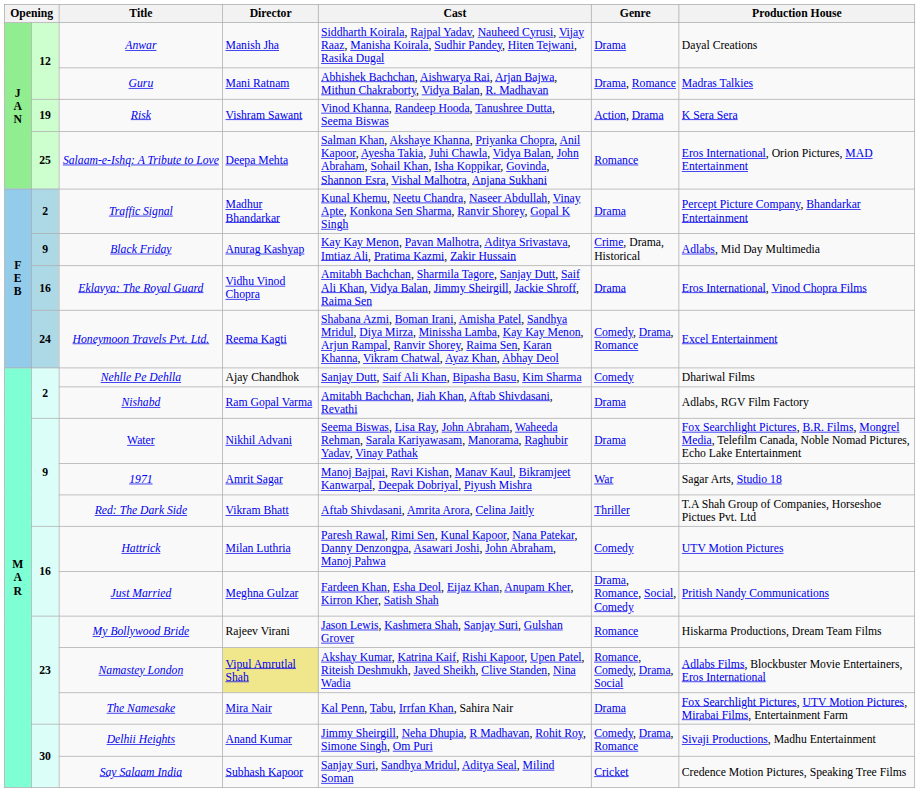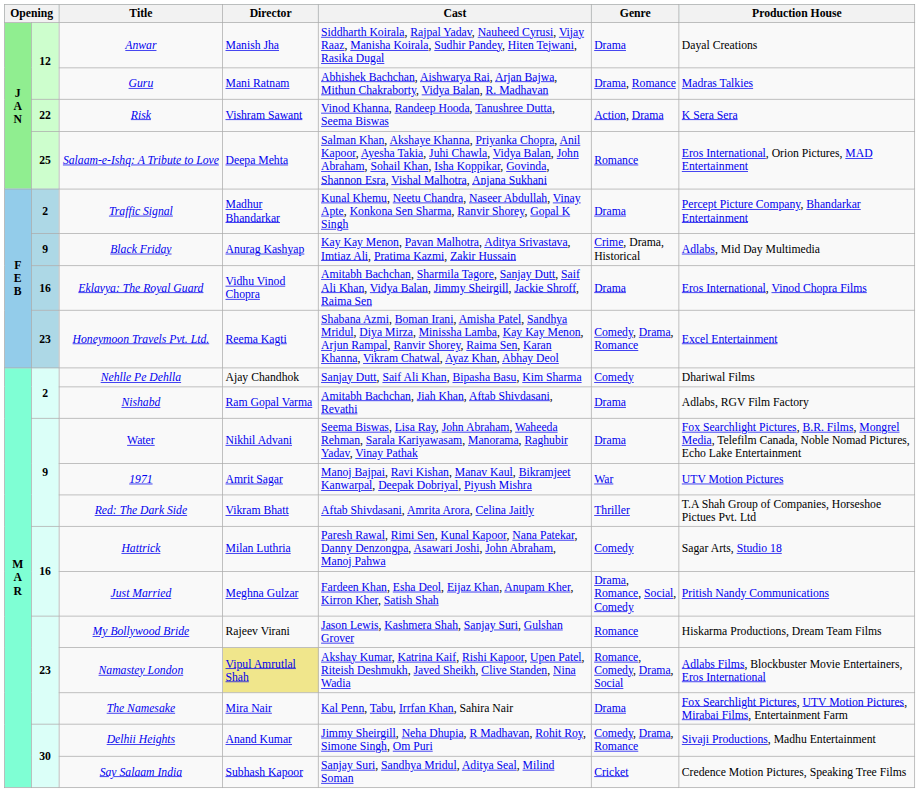 <table class="wikitable">
 <tr style="background:#b0e0e6;text-align:center;">
 <th colspan="2" style="width:6%;"><strong>Opening</strong></th>
 <th style="width:18%;"><strong>Title</strong></th>
 <th style="width:10.5%;"><strong>Director</strong></th>
 <th style="width:30%;"><strong>Cast</strong></th>
 <th>Genre</th>
 <th>Production House</th>
 </tr>
 <tr>
 <td rowspan="4" style="text-align:center; background:lightGreen; textcolor:#000;"><strong>J<br>A<br>N</strong></td>
 <td rowspan="2" style="text-align:center;background:#cdfecd;"><strong>12</strong></td>
 <td style="text-align:center;"><em><a href='#'>Anwar</a></em></td>
 <td><a href='#'>Manish Jha</a></td>
 <td><a href='#'>Siddharth Koirala</a>, <a href='#'>Rajpal Yadav</a>, <a href='#'>Nauheed Cyrusi</a>, <a href='#'>Vijay Raaz</a>, <a href='#'>Manisha Koirala</a>, <a href='#'>Sudhir Pandey</a>, <a href='#'>Hiten Tejwani</a>, <a href='#'>Rasika Dugal</a></td>
 <td><a href='#'>Drama</a></td>
 <td>Dayal Creations</td>
 </tr>
 <tr>
 <td style="text-align:center;"><em><a href='#'>Guru</a></em></td>
 <td><a href='#'>Mani Ratnam</a></td>
 <td><a href='#'>Abhishek Bachchan</a>, <a href='#'>Aishwarya Rai</a>, <a href='#'>Arjan Bajwa</a>, <a href='#'>Mithun Chakraborty</a>, <a href='#'>Vidya Balan</a>, <a href='#'>R. Madhavan</a></td>
 <td><a href='#'>Drama</a>, <a href='#'>Romance</a></td>
 <td><a href='#'>Madras Talkies</a></td>
 </tr>
 <tr>
-<td rowspan="1" style="text-align:center;background:#cdfecd;"><strong>19</strong></td>
+<td rowspan="1" style="text-align:center;background:#cdfecd;"><strong>22</strong></td>
 <td style="text-align:center;"><em><a href='#'>Risk</a></em></td>
 <td><a href='#'>Vishram Sawant</a></td>
 <td><a href='#'>Vinod Khanna</a>, <a href='#'>Randeep Hooda</a>, <a href='#'>Tanushree Dutta</a>, <a href='#'>Seema Biswas</a></td>
 <td><a href='#'>Action</a>, <a href='#'>Drama</a></td>
 <td><a href='#'>K Sera Sera</a></td>
 </tr>
 <tr>
 <td rowspan="1" style="text-align:center;background:#cdfecd;"><strong>25</strong></td>
 <td style="text-align:center;"><em><a href='#'>Salaam-e-Ishq: A Tribute to Love</a></em></td>
 <td><a href='#'>Deepa Mehta</a></td>
 <td><a href='#'>Salman Khan</a>, <a href='#'>Akshaye Khanna</a>, <a href='#'>Priyanka Chopra</a>, <a href='#'>Anil Kapoor</a>, <a href='#'>Ayesha Takia</a>, <a href='#'>Juhi Chawla</a>, <a href='#'>Vidya Balan</a>, <a href='#'>John Abraham</a>, <a href='#'>Sohail Khan</a>, <a href='#'>Isha Koppikar</a>, <a href='#'>Govinda</a>, <a href='#'>Shannon Esra</a>, <a href='#'>Vishal Malhotra</a>, <a href='#'>Anjana Sukhani</a></td>
 <td><a href='#'>Romance</a></td>
 <td><a href='#'>Eros International</a>, Orion Pictures, <a href='#'>MAD Entertainment</a></td>
 </tr>
 <tr>
 <td rowspan="4" style="text-align:center; background:#93CCEA; textcolor:#000;"><strong>F<br>E<br>B</strong></td>
 <td rowspan="1" style="text-align:center;background:lightBlue;"><strong>2</strong></td>
 <td style="text-align:center;"><em><a href='#'>Traffic Signal</a></em></td>
 <td><a href='#'>Madhur Bhandarkar</a></td>
 <td><a href='#'>Kunal Khemu</a>, <a href='#'>Neetu Chandra</a>, <a href='#'>Naseer Abdullah</a>, <a href='#'>Vinay Apte</a>, <a href='#'>Konkona Sen Sharma</a>, <a href='#'>Ranvir Shorey</a>, <a href='#'>Gopal K Singh</a></td>
 <td><a href='#'>Drama</a></td>
 <td><a href='#'>Percept Picture Company</a>, <a href='#'>Bhandarkar Entertainment</a></td>
 </tr>
 <tr>
 <td rowspan="1" style="text-align:center; background:lightBlue;"><strong>9</strong></td>
 <td style="text-align:center;"><em><a href='#'>Black Friday</a></em></td>
 <td><a href='#'>Anurag Kashyap</a></td>
 <td><a href='#'>Kay Kay Menon</a>, <a href='#'>Pavan Malhotra</a>, <a href='#'>Aditya Srivastava</a>, <a href='#'>Imtiaz Ali</a>, <a href='#'>Pratima Kazmi</a>, <a href='#'>Zakir Hussain</a></td>
 <td><a href='#'>Crime</a>, Drama, Historical</td>
 <td><a href='#'>Adlabs</a>, Mid Day Multimedia</td>
 </tr>
 <tr>
 <td rowspan="1" style="text-align:center; background:lightBlue;"><strong>16</strong></td>
 <td style="text-align:center;"><em><a href='#'>Eklavya: The Royal Guard</a></em></td>
 <td><a href='#'>Vidhu Vinod Chopra</a></td>
 <td><a href='#'>Amitabh Bachchan</a>, <a href='#'>Sharmila Tagore</a>, <a href='#'>Sanjay Dutt</a>, <a href='#'>Saif Ali Khan</a>, <a href='#'>Vidya Balan</a>, <a href='#'>Jimmy Sheirgill</a>, <a href='#'>Jackie Shroff</a>, <a href='#'>Raima Sen</a></td>
 <td><a href='#'>Drama</a></td>
 <td><a href='#'>Eros International</a>, <a href='#'>Vinod Chopra Films</a></td>
 </tr>
 <tr>
-<td rowspan="1" style="text-align:center;background:lightBlue;"><strong>24</strong></td>
+<td rowspan="1" style="text-align:center;background:lightBlue;"><strong>23</strong></td>
 <td style="text-align:center;"><em><a href='#'>Honeymoon Travels Pvt. Ltd.</a></em></td>
 <td><a href='#'>Reema Kagti</a></td>
 <td><a href='#'>Shabana Azmi</a>, <a href='#'>Boman Irani</a>, <a href='#'>Amisha Patel</a>, <a href='#'>Sandhya Mridul</a>, <a href='#'>Diya Mirza</a>, <a href='#'>Minissha Lamba</a>, <a href='#'>Kay Kay Menon</a>, <a href='#'>Arjun Rampal</a>, <a href='#'>Ranvir Shorey</a>, <a href='#'>Raima Sen</a>, <a href='#'>Karan Khanna</a>, <a href='#'>Vikram Chatwal</a>, <a href='#'>Ayaz Khan</a>, <a href='#'>Abhay Deol</a></td>
 <td><a href='#'>Comedy</a>, <a href='#'>Drama</a>, <a href='#'>Romance</a></td>
 <td><a href='#'>Excel Entertainment</a></td>
 </tr>
 <tr>
 <td rowspan="12" style="text-align:center; background:#7FFFD4; textcolor:#000;"><strong>M<br>A<br>R</strong></td>
 <td rowspan="2" style="text-align:center;background:#dbfff8;"><strong>2</strong></td>
 <td style="text-align:center;"><em><a href='#'>Nehlle Pe Dehlla</a></em></td>
 <td>Ajay Chandhok</td>
 <td><a href='#'>Sanjay Dutt</a>, <a href='#'>Saif Ali Khan</a>, <a href='#'>Bipasha Basu</a>, <a href='#'>Kim Sharma</a></td>
 <td><a href='#'>Comedy</a></td>
 <td>Dhariwal Films</td>
 </tr>
 <tr>
 <td style="text-align:center;"><em><a href='#'>Nishabd</a></em></td>
 <td><a href='#'>Ram Gopal Varma</a></td>
 <td><a href='#'>Amitabh Bachchan</a>, <a href='#'>Jiah Khan</a>, <a href='#'>Aftab Shivdasani</a>, <a href='#'>Revathi</a></td>
 <td><a href='#'>Drama</a></td>
 <td>Adlabs, RGV Film Factory</td>
 </tr>
 <tr>
 <td rowspan="3" style="text-align:center;background:#dbfff8;"><strong>9</strong></td>
 <td style="text-align:center;"><a href='#'>Water</a></td>
 <td><a href='#'>Nikhil Advani</a></td>
 <td><a href='#'>Seema Biswas</a>, <a href='#'>Lisa Ray</a>, <a href='#'>John Abraham</a>, <a href='#'>Waheeda Rehman</a>, <a href='#'>Sarala Kariyawasam</a>, <a href='#'>Manorama</a>, <a href='#'>Raghubir Yadav</a>, <a href='#'>Vinay Pathak</a></td>
 <td><a href='#'>Drama</a></td>
 <td><a href='#'>Fox Searchlight Pictures</a>, <a href='#'>B.R. Films</a>, <a href='#'>Mongrel Media</a>, Telefilm Canada, Noble Nomad Pictures, Echo Lake Entertainment</td>
 </tr>
 <tr>
 <td style="text-align:center;"><em><a href='#'>1971</a></em></td>
 <td><a href='#'>Amrit Sagar</a></td>
 <td><a href='#'>Manoj Bajpai</a>, <a href='#'>Ravi Kishan</a>, <a href='#'>Manav Kaul</a>, <a href='#'>Bikramjeet Kanwarpal</a>, <a href='#'>Deepak Dobriyal</a>, <a href='#'>Piyush Mishra</a></td>
 <td><a href='#'>War</a></td>
-<td>Sagar Arts, <a href='#'>Studio 18</a></td>
+<td><a href='#'>UTV Motion Pictures</a></td>
 </tr>
 <tr>
 <td style="text-align:center;"><em><a href='#'>Red: The Dark Side</a></em></td>
 <td><a href='#'>Vikram Bhatt</a></td>
 <td><a href='#'>Aftab Shivdasani</a>, <a href='#'>Amrita Arora</a>, <a href='#'>Celina Jaitly</a></td>
 <td><a href='#'>Thriller</a></td>
 <td>T.A Shah Group of Companies, Horseshoe Pictues Pvt. Ltd</td>
 </tr>
 <tr>
 <td rowspan="2" style="text-align:center;background:#dbfff8;"><strong>16</strong></td>
 <td style="text-align:center;"><em><a href='#'>Hattrick</a></em></td>
 <td><a href='#'>Milan Luthria</a></td>
 <td><a href='#'>Paresh Rawal</a>, <a href='#'>Rimi Sen</a>, <a href='#'>Kunal Kapoor</a>, <a href='#'>Nana Patekar</a>, <a href='#'>Danny Denzongpa</a>, <a href='#'>Asawari Joshi</a>, <a href='#'>John Abraham</a>, <a href='#'>Manoj Pahwa</a></td>
 <td><a href='#'>Comedy</a></td>
-<td><a href='#'>UTV Motion Pictures</a></td>
+<td>Sagar Arts, <a href='#'>Studio 18</a></td>
 </tr>
 <tr>
 <td style="text-align:center;"><em><a href='#'>Just Married</a></em></td>
 <td><a href='#'>Meghna Gulzar</a></td>
 <td><a href='#'>Fardeen Khan</a>, <a href='#'>Esha Deol</a>, <a href='#'>Eijaz Khan</a>, <a href='#'>Anupam Kher</a>, <a href='#'>Kirron Kher</a>, <a href='#'>Satish Shah</a></td>
 <td><a href='#'>Drama</a>, <a href='#'>Romance</a>, <a href='#'>Social</a>, <a href='#'>Comedy</a></td>
 <td><a href='#'>Pritish Nandy Communications</a></td>
 </tr>
 <tr>
 <td rowspan="3" style="text-align:center; background:#dbfff8;"><strong>23</strong></td>
 <td style="text-align:center;"><em><a href='#'>My Bollywood Bride</a></em></td>
 <td>Rajeev Virani</td>
 <td><a href='#'>Jason Lewis</a>, <a href='#'>Kashmera Shah</a>, <a href='#'>Sanjay Suri</a>, <a href='#'>Gulshan Grover</a></td>
 <td><a href='#'>Romance</a></td>
 <td>Hiskarma Productions, Dream Team Films</td>
 </tr>
 <tr>
 <td style="text-align:center;"><em><a href='#'>Namastey London</a></em></td>
 <td style="background: khaki;"><a href='#'>Vipul Amrutlal Shah</a></td>
 <td><a href='#'>Akshay Kumar</a>, <a href='#'>Katrina Kaif</a>, <a href='#'>Rishi Kapoor</a>, <a href='#'>Upen Patel</a>, <a href='#'>Riteish Deshmukh</a>, <a href='#'>Javed Sheikh</a>, <a href='#'>Clive Standen</a>, <a href='#'>Nina Wadia</a></td>
 <td><a href='#'>Romance</a>, <a href='#'>Comedy</a>, <a href='#'>Drama</a>, <a href='#'>Social</a></td>
 <td><a href='#'>Adlabs Films</a>, Blockbuster Movie Entertainers, <a href='#'>Eros International</a></td>
 </tr>
 <tr>
 <td style="text-align:center;"><em><a href='#'>The Namesake</a></em></td>
 <td><a href='#'>Mira Nair</a></td>
 <td><a href='#'>Kal Penn</a>, <a href='#'>Tabu</a>, <a href='#'>Irrfan Khan</a>, Sahira Nair</td>
 <td><a href='#'>Drama</a></td>
 <td><a href='#'>Fox Searchlight Pictures</a>, <a href='#'>UTV Motion Pictures</a>, <a href='#'>Mirabai Films</a>, Entertainment Farm</td>
 </tr>
 <tr>
 <td rowspan="2" style="text-align:center; background:#dbfff8;"><strong>30</strong></td>
 <td style="text-align:center;"><em><a href='#'>Delhii Heights</a></em></td>
 <td><a href='#'>Anand Kumar</a></td>
 <td><a href='#'>Jimmy Sheirgill</a>, <a href='#'>Neha Dhupia</a>, <a href='#'>R Madhavan</a>, <a href='#'>Rohit Roy</a>, <a href='#'>Simone Singh</a>, <a href='#'>Om Puri</a></td>
 <td><a href='#'>Comedy</a>, <a href='#'>Drama</a>, <a href='#'>Romance</a></td>
 <td><a href='#'>Sivaji Productions</a>, Madhu Entertainment</td>
 </tr>
 <tr>
 <td style="text-align:center;"><em><a href='#'>Say Salaam India</a></em></td>
 <td><a href='#'>Subhash Kapoor</a></td>
 <td><a href='#'>Sanjay Suri</a>, <a href='#'>Sandhya Mridul</a>, <a href='#'>Aditya Seal</a>, <a href='#'>Milind Soman</a></td>
 <td><a href='#'>Cricket</a></td>
 <td>Credence Motion Pictures, Speaking Tree Films</td>
 </tr>
 </table>
